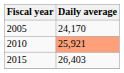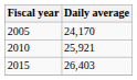 <table class="wikitable">
 <tr>
 <th>Fiscal year</th>
 <th>Daily average</th>
 </tr>
 <tr>
 <td>2005</td>
 <td>24,170</td>
 </tr>
 <tr>
 <td>2010</td>
-<td style="background: lightsalmon;">25,921</td>
+<td>25,921</td>
 </tr>
 <tr>
 <td>2015</td>
 <td>26,403</td>
 </tr>
 <tr>
 </tr>
 </table>
